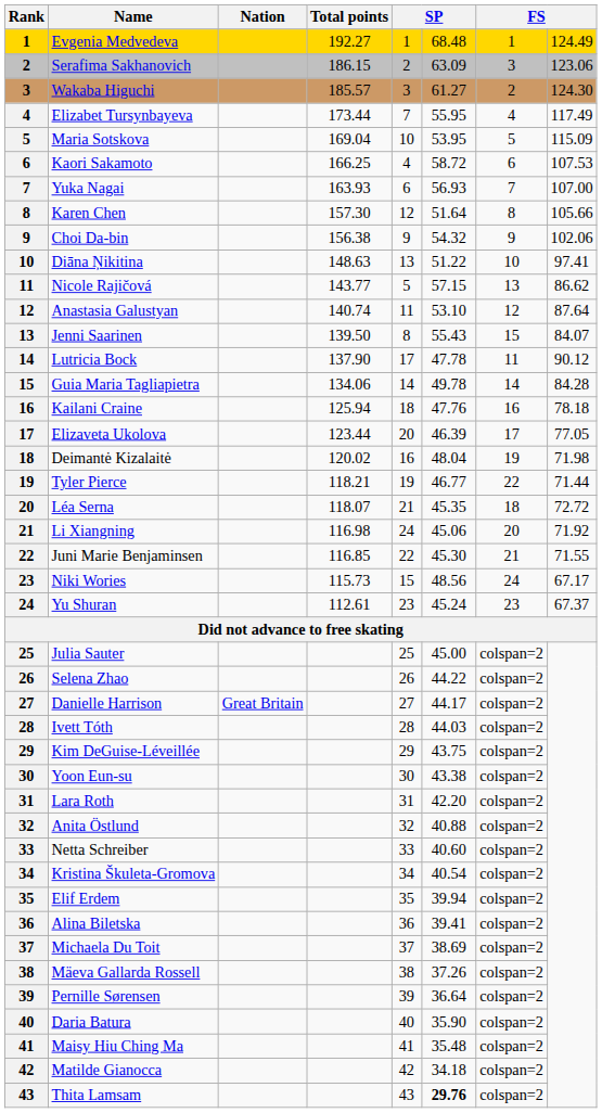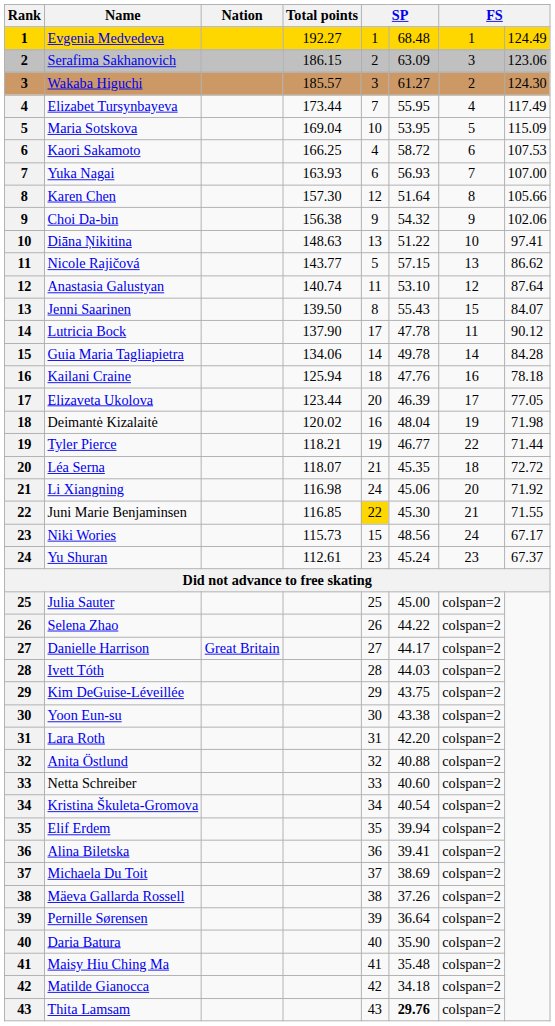 <table class="wikitable sortable">
 <tr>
 <th>Rank</th>
 <th>Name</th>
 <th>Nation</th>
 <th>Total points</th>
 <th colspan="2" width="80px"><a href='#'>SP</a></th>
 <th colspan="2" width="80px"><a href='#'>FS</a></th>
 </tr>
 <tr bgcolor="gold">
 <td align="center"><strong>1</strong></td>
 <td><a href='#'>Evgenia Medvedeva</a></td>
 <td></td>
 <td align="center">192.27</td>
 <td align="center">1</td>
 <td align="center">68.48</td>
 <td align="center">1</td>
 <td align="center">124.49</td>
 </tr>
 <tr bgcolor="silver">
 <td align="center"><strong>2</strong></td>
 <td><a href='#'>Serafima Sakhanovich</a></td>
 <td></td>
 <td align="center">186.15</td>
 <td align="center">2</td>
 <td align="center">63.09</td>
 <td align="center">3</td>
 <td align="center">123.06</td>
 </tr>
 <tr bgcolor="cc9966">
 <td align="center"><strong>3</strong></td>
 <td><a href='#'>Wakaba Higuchi</a></td>
 <td></td>
 <td align="center">185.57</td>
 <td align="center">3</td>
 <td align="center">61.27</td>
 <td align="center">2</td>
 <td align="center">124.30</td>
 </tr>
 <tr>
 <th>4</th>
 <td><a href='#'>Elizabet Tursynbayeva</a></td>
 <td></td>
 <td align="center">173.44</td>
 <td align="center">7</td>
 <td align="center">55.95</td>
 <td align="center">4</td>
 <td align="center">117.49</td>
 </tr>
 <tr>
 <th>5</th>
 <td><a href='#'>Maria Sotskova</a></td>
 <td></td>
 <td align="center">169.04</td>
 <td align="center">10</td>
 <td align="center">53.95</td>
 <td align="center">5</td>
 <td align="center">115.09</td>
 </tr>
 <tr>
 <th>6</th>
 <td><a href='#'>Kaori Sakamoto</a></td>
 <td></td>
 <td align="center">166.25</td>
 <td align="center">4</td>
 <td align="center">58.72</td>
 <td align="center">6</td>
 <td align="center">107.53</td>
 </tr>
 <tr>
 <th>7</th>
 <td><a href='#'>Yuka Nagai</a></td>
 <td></td>
 <td align="center">163.93</td>
 <td align="center">6</td>
 <td align="center">56.93</td>
 <td align="center">7</td>
 <td align="center">107.00</td>
 </tr>
 <tr>
 <th>8</th>
 <td><a href='#'>Karen Chen</a></td>
 <td></td>
 <td align="center">157.30</td>
 <td align="center">12</td>
 <td align="center">51.64</td>
 <td align="center">8</td>
 <td align="center">105.66</td>
 </tr>
 <tr>
 <th>9</th>
 <td><a href='#'>Choi Da-bin</a></td>
 <td></td>
 <td align="center">156.38</td>
 <td align="center">9</td>
 <td align="center">54.32</td>
 <td align="center">9</td>
 <td align="center">102.06</td>
 </tr>
 <tr>
 <th>10</th>
 <td><a href='#'>Diāna Ņikitina</a></td>
 <td></td>
 <td align="center">148.63</td>
 <td align="center">13</td>
 <td align="center">51.22</td>
 <td align="center">10</td>
 <td align="center">97.41</td>
 </tr>
 <tr>
 <th>11</th>
 <td><a href='#'>Nicole Rajičová</a></td>
 <td></td>
 <td align="center">143.77</td>
 <td align="center">5</td>
 <td align="center">57.15</td>
 <td align="center">13</td>
 <td align="center">86.62</td>
 </tr>
 <tr>
 <th>12</th>
 <td><a href='#'>Anastasia Galustyan</a></td>
 <td></td>
 <td align="center">140.74</td>
 <td align="center">11</td>
 <td align="center">53.10</td>
 <td align="center">12</td>
 <td align="center">87.64</td>
 </tr>
 <tr>
 <th>13</th>
 <td><a href='#'>Jenni Saarinen</a></td>
 <td></td>
 <td align="center">139.50</td>
 <td align="center">8</td>
 <td align="center">55.43</td>
 <td align="center">15</td>
 <td align="center">84.07</td>
 </tr>
 <tr>
 <th>14</th>
 <td><a href='#'>Lutricia Bock</a></td>
 <td></td>
 <td align="center">137.90</td>
 <td align="center">17</td>
 <td align="center">47.78</td>
 <td align="center">11</td>
 <td align="center">90.12</td>
 </tr>
 <tr>
 <th>15</th>
 <td><a href='#'>Guia Maria Tagliapietra</a></td>
 <td></td>
 <td align="center">134.06</td>
 <td align="center">14</td>
 <td align="center">49.78</td>
 <td align="center">14</td>
 <td align="center">84.28</td>
 </tr>
 <tr>
 <th>16</th>
 <td><a href='#'>Kailani Craine</a></td>
 <td></td>
 <td align="center">125.94</td>
 <td align="center">18</td>
 <td align="center">47.76</td>
 <td align="center">16</td>
 <td align="center">78.18</td>
 </tr>
 <tr>
 <th>17</th>
 <td><a href='#'>Elizaveta Ukolova</a></td>
 <td></td>
 <td align="center">123.44</td>
 <td align="center">20</td>
 <td align="center">46.39</td>
 <td align="center">17</td>
 <td align="center">77.05</td>
 </tr>
 <tr>
 <th>18</th>
 <td>Deimantė Kizalaitė</td>
 <td></td>
 <td align="center">120.02</td>
 <td align="center">16</td>
 <td align="center">48.04</td>
 <td align="center">19</td>
 <td align="center">71.98</td>
 </tr>
 <tr>
 <th>19</th>
 <td><a href='#'>Tyler Pierce</a></td>
 <td></td>
 <td align="center">118.21</td>
 <td align="center">19</td>
 <td align="center">46.77</td>
 <td align="center">22</td>
 <td align="center">71.44</td>
 </tr>
 <tr>
 <th>20</th>
 <td><a href='#'>Léa Serna</a></td>
 <td></td>
 <td align="center">118.07</td>
 <td align="center">21</td>
 <td align="center">45.35</td>
 <td align="center">18</td>
 <td align="center">72.72</td>
 </tr>
 <tr>
 <th>21</th>
 <td><a href='#'>Li Xiangning</a></td>
 <td></td>
 <td align="center">116.98</td>
 <td align="center">24</td>
 <td align="center">45.06</td>
 <td align="center">20</td>
 <td align="center">71.92</td>
 </tr>
 <tr>
 <th>22</th>
 <td>Juni Marie Benjaminsen</td>
 <td></td>
 <td align="center">116.85</td>
-<td align="center">22</td>
+<td align="center" style="background: gold;">22</td>
 <td align="center">45.30</td>
 <td align="center">21</td>
 <td align="center">71.55</td>
 </tr>
 <tr>
 <th>23</th>
 <td><a href='#'>Niki Wories</a></td>
 <td></td>
 <td align="center">115.73</td>
 <td align="center">15</td>
 <td align="center">48.56</td>
 <td align="center">24</td>
 <td align="center">67.17</td>
 </tr>
 <tr>
 <th>24</th>
 <td><a href='#'>Yu Shuran</a></td>
 <td></td>
 <td align="center">112.61</td>
 <td align="center">23</td>
 <td align="center">45.24</td>
 <td align="center">23</td>
 <td align="center">67.37</td>
 </tr>
 <tr>
 <th colspan=10>Did not advance to free skating</th>
 </tr>
 <tr>
 <th>25</th>
 <td><a href='#'>Julia Sauter</a></td>
 <td></td>
 <td align="center"></td>
 <td align="center">25</td>
 <td align="center">45.00</td>
 <td>colspan=2 </td>
 </tr>
 <tr>
 <th>26</th>
 <td><a href='#'>Selena Zhao</a></td>
 <td></td>
 <td align="center"></td>
 <td align="center">26</td>
 <td align="center">44.22</td>
 <td>colspan=2 </td>
 </tr>
 <tr>
 <th>27</th>
 <td><a href='#'>Danielle Harrison</a></td>
 <td> <a href='#'>Great Britain</a></td>
 <td align="center"></td>
 <td align="center">27</td>
 <td align="center">44.17</td>
 <td>colspan=2 </td>
 </tr>
 <tr>
 <th>28</th>
 <td><a href='#'>Ivett Tóth</a></td>
 <td></td>
 <td align="center"></td>
 <td align="center">28</td>
 <td align="center">44.03</td>
 <td>colspan=2 </td>
 </tr>
 <tr>
 <th>29</th>
 <td><a href='#'>Kim DeGuise-Léveillée</a></td>
 <td></td>
 <td align="center"></td>
 <td align="center">29</td>
 <td align="center">43.75</td>
 <td>colspan=2 </td>
 </tr>
 <tr>
 <th>30</th>
 <td><a href='#'>Yoon Eun-su</a></td>
 <td></td>
 <td align="center"></td>
 <td align="center">30</td>
 <td align="center">43.38</td>
 <td>colspan=2 </td>
 </tr>
 <tr>
 <th>31</th>
 <td><a href='#'>Lara Roth</a></td>
 <td></td>
 <td align="center"></td>
 <td align="center">31</td>
 <td align="center">42.20</td>
 <td>colspan=2 </td>
 </tr>
 <tr>
 <th>32</th>
 <td><a href='#'>Anita Östlund</a></td>
 <td></td>
 <td align="center"></td>
 <td align="center">32</td>
 <td align="center">40.88</td>
 <td>colspan=2 </td>
 </tr>
 <tr>
 <th>33</th>
 <td>Netta Schreiber</td>
 <td></td>
 <td align="center"></td>
 <td align="center">33</td>
 <td align="center">40.60</td>
 <td>colspan=2 </td>
 </tr>
 <tr>
 <th>34</th>
 <td><a href='#'>Kristina Škuleta-Gromova</a></td>
 <td></td>
 <td align="center"></td>
 <td align="center">34</td>
 <td align="center">40.54</td>
 <td>colspan=2 </td>
 </tr>
 <tr>
 <th>35</th>
 <td><a href='#'>Elif Erdem</a></td>
 <td></td>
 <td align="center"></td>
 <td align="center">35</td>
 <td align="center">39.94</td>
 <td>colspan=2 </td>
 </tr>
 <tr>
 <th>36</th>
 <td><a href='#'>Alina Biletska</a></td>
 <td></td>
 <td align="center"></td>
 <td align="center">36</td>
 <td align="center">39.41</td>
 <td>colspan=2 </td>
 </tr>
 <tr>
 <th>37</th>
 <td><a href='#'>Michaela Du Toit</a></td>
 <td></td>
 <td align="center"></td>
 <td align="center">37</td>
 <td align="center">38.69</td>
 <td>colspan=2 </td>
 </tr>
 <tr>
 <th>38</th>
 <td><a href='#'>Mäeva Gallarda Rossell</a></td>
 <td></td>
 <td align="center"></td>
 <td align="center">38</td>
 <td align="center">37.26</td>
 <td>colspan=2 </td>
 </tr>
 <tr>
 <th>39</th>
 <td><a href='#'>Pernille Sørensen</a></td>
 <td></td>
 <td align="center"></td>
 <td align="center">39</td>
 <td align="center">36.64</td>
 <td>colspan=2 </td>
 </tr>
 <tr>
 <th>40</th>
 <td><a href='#'>Daria Batura</a></td>
 <td></td>
 <td align="center"></td>
 <td align="center">40</td>
 <td align="center">35.90</td>
 <td>colspan=2 </td>
 </tr>
 <tr>
 <th>41</th>
 <td><a href='#'>Maisy Hiu Ching Ma</a></td>
 <td></td>
 <td align="center"></td>
 <td align="center">41</td>
 <td align="center">35.48</td>
 <td>colspan=2 </td>
 </tr>
 <tr>
 <th>42</th>
 <td><a href='#'>Matilde Gianocca</a></td>
 <td></td>
 <td align="center"></td>
 <td align="center">42</td>
 <td align="center">34.18</td>
 <td>colspan=2 </td>
 </tr>
 <tr>
 <th>43</th>
 <td><a href='#'>Thita Lamsam</a></td>
 <td></td>
 <td align="center"></td>
 <td align="center">43</td>
 <td align="center"><strong>29.76</strong></td>
 <td>colspan=2 </td>
 </tr>
 </table>
